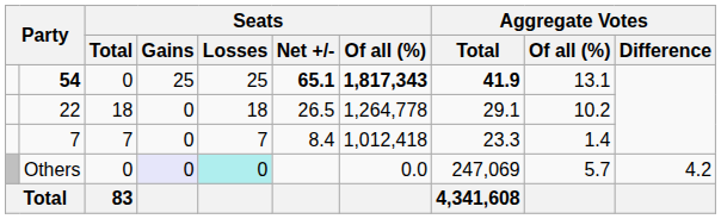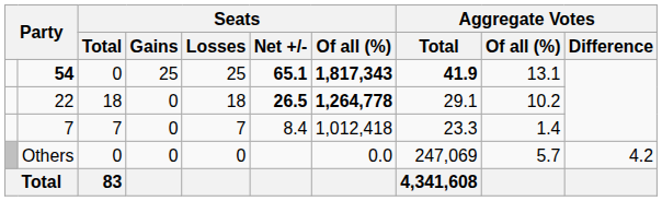 <table class="wikitable sortable" style="text-align:right; font-size:95%;">
 <tr>
 <th colspan="2" rowspan="2">Party</th>
 <th colspan="5">Seats</th>
 <th colspan="3">Aggregate Votes</th>
 </tr>
 <tr>
 <th>Total</th>
 <th>Gains</th>
 <th>Losses</th>
 <th>Net +/-</th>
 <th>Of all (%)</th>
 <th>Total</th>
 <th>Of all (%)</th>
 <th>Difference</th>
 </tr>
 <tr>
 <td></td>
 <td><strong>54</strong></td>
 <td>0</td>
 <td>25</td>
 <td>25</td>
 <td><strong>65.1</strong></td>
 <td><strong>1,817,343</strong></td>
 <td><strong>41.9</strong></td>
 <td>13.1</td>
 </tr>
 <tr>
 <td></td>
 <td>22</td>
 <td>18</td>
 <td>0</td>
 <td>18</td>
-<td>26.5</td>
-<td>1,264,778</td>
+<td><strong>26.5</strong></td>
+<td><strong>1,264,778</strong></td>
 <td>29.1</td>
 <td>10.2</td>
 </tr>
 <tr>
 <td></td>
 <td>7</td>
 <td>7</td>
 <td>0</td>
 <td>7</td>
 <td>8.4</td>
 <td>1,012,418</td>
 <td>23.3</td>
 <td>1.4</td>
 </tr>
 <tr>
 <td style="background:silver;"> </td>
 <td align=left>Others</td>
 <td>0</td>
-<td style="background: lavender;">0</td>
-<td style="background: paleturquoise;">0</td>
+<td>0</td>
+<td>0</td>
 <td></td>
 <td>0.0</td>
 <td>247,069</td>
 <td>5.7</td>
 <td>4.2</td>
 </tr>
 <tr class="sortbottom">
 <th colspan="2" style="background:#f2f2f2"><strong>Total</strong></th>
 <td style="background:#f2f2f2;"><strong>83</strong></td>
 <td style="background:#f2f2f2;"></td>
 <td style="background:#f2f2f2;"></td>
 <td style="background:#f2f2f2;"></td>
 <td style="background:#f2f2f2;"></td>
 <td style="background:#f2f2f2;"><strong>4,341,608</strong></td>
 <td style="background:#f2f2f2;"></td>
 <td style="background:#f2f2f2;"></td>
 </tr>
 </table>
